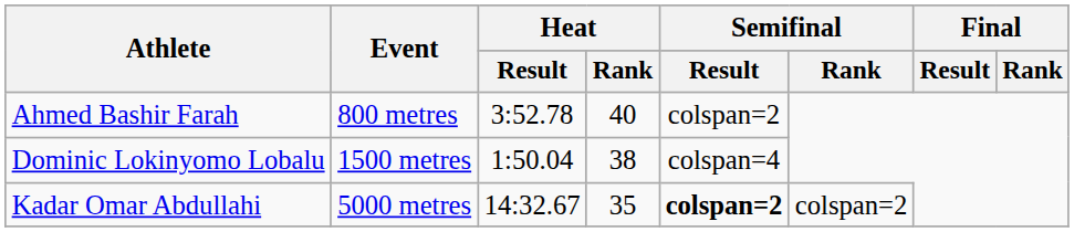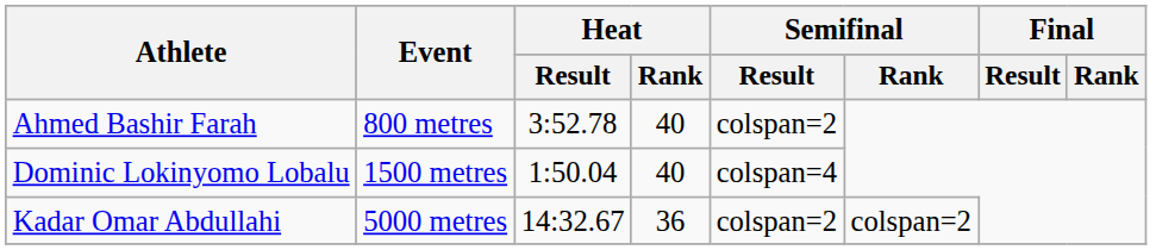 <table class=wikitable style=font-size:90%>
 <tr>
 <th rowspan=2>Athlete</th>
 <th rowspan=2>Event</th>
 <th colspan=2>Heat</th>
 <th colspan=2>Semifinal</th>
 <th colspan=2>Final</th>
 </tr>
 <tr style=font-size:95%>
 <th>Result</th>
 <th>Rank</th>
 <th>Result</th>
 <th>Rank</th>
 <th>Result</th>
 <th>Rank</th>
 </tr>
 <tr align=center>
 <td align=left><a href='#'>Ahmed Bashir Farah</a></td>
 <td align=left><a href='#'>800 metres</a></td>
 <td>3:52.78 <strong></strong></td>
 <td>40</td>
 <td>colspan=2 </td>
 </tr>
 <tr align=center>
 <td align=left><a href='#'>Dominic Lokinyomo Lobalu</a></td>
 <td align=left><a href='#'>1500 metres</a></td>
 <td>1:50.04 <strong></strong></td>
-<td>38</td>
+<td>40</td>
 <td>colspan=4 </td>
 </tr>
 <tr align=center>
 <td align=left><a href='#'>Kadar Omar Abdullahi</a></td>
 <td align=left><a href='#'>5000 metres</a></td>
 <td>14:32.67 <strong></strong></td>
-<td>35</td>
-<td><strong>colspan=2 </strong></td>
+<td>36</td>
+<td>colspan=2 </td>
 <td>colspan=2 </td>
 </tr>
 </table>
